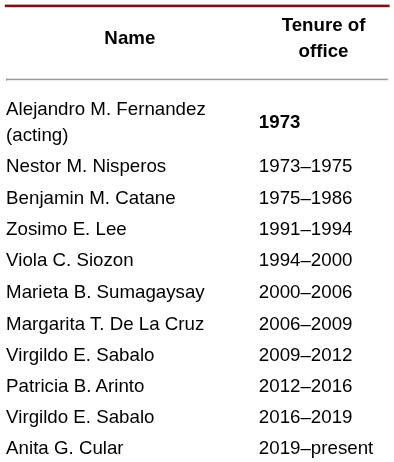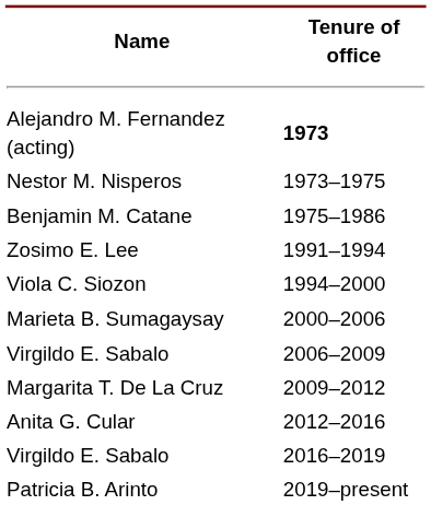 <table class="toccolours" style="float:right; margin-left:1em; font-size:90%; line-height:1.4em; width:300px;">
 <tr>
 <th colspan="2" style="text-align: center;background-color:#7B1113"></th>
 </tr>
 <tr>
 <th>Name</th>
 <th>Tenure of office</th>
 </tr>
 <tr>
 <td colspan="2"><hr></td>
 </tr>
 <tr>
 <td>Alejandro M. Fernandez (acting)</td>
 <td><strong>1973</strong></td>
 </tr>
 <tr>
 <td>Nestor M. Nisperos</td>
 <td>1973–1975</td>
 </tr>
 <tr>
 <td>Benjamin M. Catane</td>
 <td>1975–1986</td>
 </tr>
 <tr>
 <td>Zosimo E. Lee</td>
 <td>1991–1994</td>
 </tr>
 <tr>
 <td>Viola C. Siozon</td>
 <td>1994–2000</td>
 </tr>
 <tr>
 <td>Marieta B. Sumagaysay</td>
 <td>2000–2006</td>
 </tr>
 <tr>
-<td>Margarita T. De La Cruz</td>
+<td>Virgildo E. Sabalo</td>
 <td>2006–2009</td>
 </tr>
 <tr>
-<td>Virgildo E. Sabalo</td>
+<td>Margarita T. De La Cruz</td>
 <td>2009–2012</td>
 </tr>
 <tr>
-<td>Patricia B. Arinto</td>
+<td>Anita G. Cular</td>
 <td>2012–2016</td>
 </tr>
 <tr>
 <td>Virgildo E. Sabalo</td>
 <td>2016–2019</td>
 </tr>
 <tr>
-<td>Anita G. Cular</td>
+<td>Patricia B. Arinto</td>
 <td>2019–present</td>
 </tr>
 </table>
